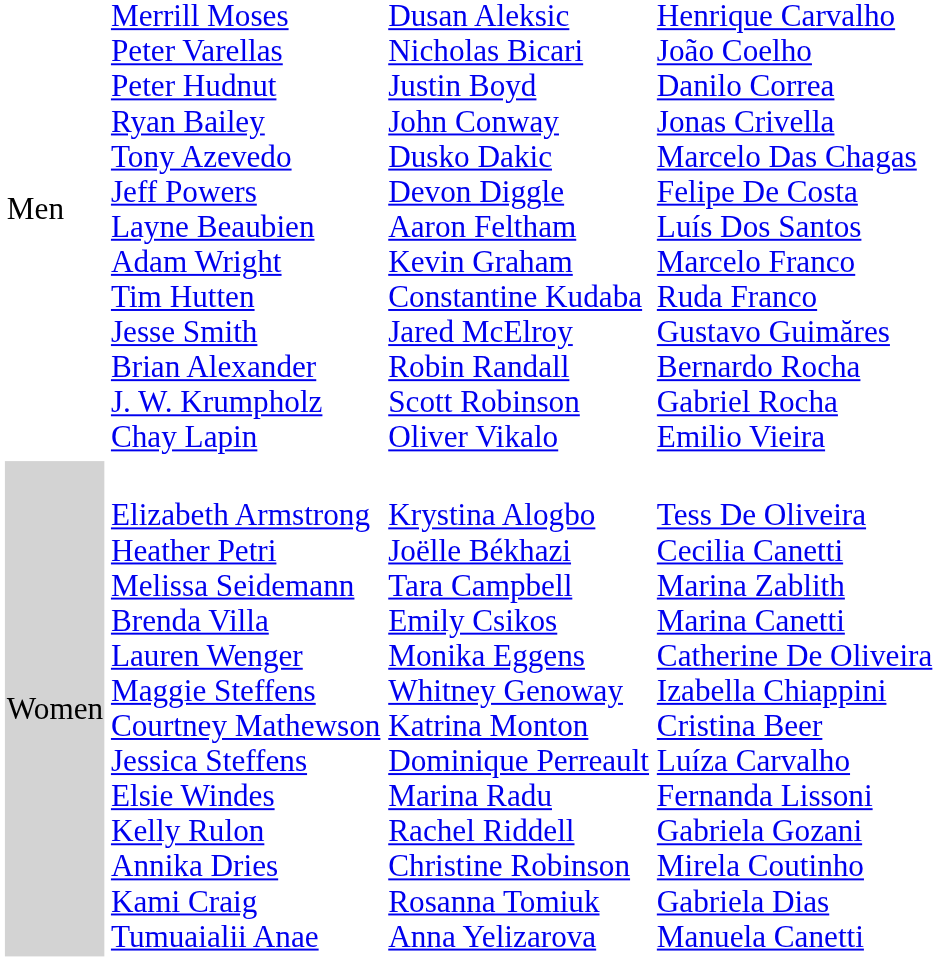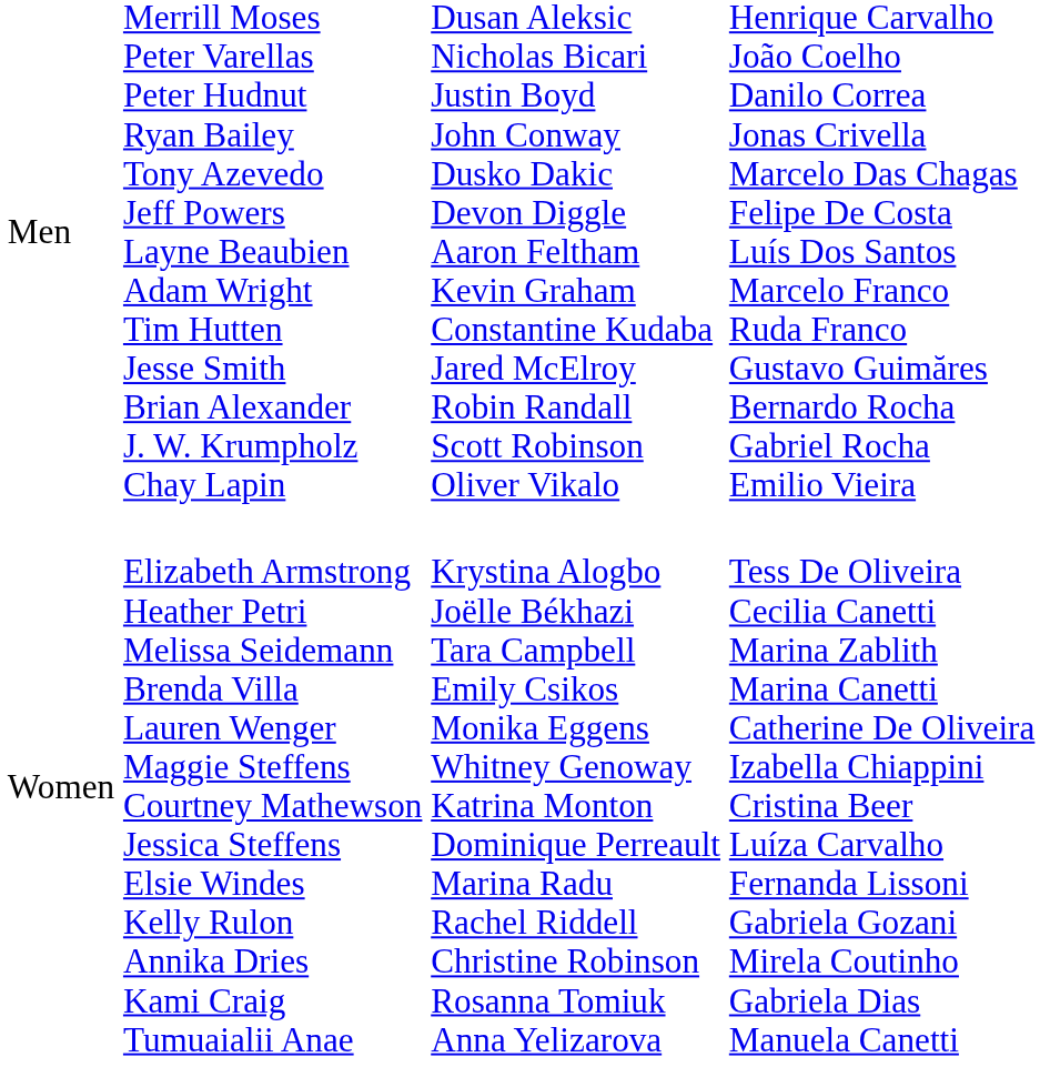 <table>
 <tr>
 <td>Men <br></td>
 <td><br><a href='#'>Merrill Moses</a><br><a href='#'>Peter Varellas</a><br><a href='#'>Peter Hudnut</a><br><a href='#'>Ryan Bailey</a><br><a href='#'>Tony Azevedo</a><br><a href='#'>Jeff Powers</a><br><a href='#'>Layne Beaubien</a><br><a href='#'>Adam Wright</a><br><a href='#'>Tim Hutten</a><br><a href='#'>Jesse Smith</a><br><a href='#'>Brian Alexander</a><br><a href='#'>J. W. Krumpholz</a><br><a href='#'>Chay Lapin</a></td>
 <td><br><a href='#'>Dusan Aleksic</a><br><a href='#'>Nicholas Bicari</a><br><a href='#'>Justin Boyd</a><br><a href='#'>John Conway</a><br><a href='#'>Dusko Dakic</a><br><a href='#'>Devon Diggle</a><br><a href='#'>Aaron Feltham</a><br><a href='#'>Kevin Graham</a><br><a href='#'>Constantine Kudaba</a><br><a href='#'>Jared McElroy</a><br><a href='#'>Robin Randall</a><br><a href='#'>Scott Robinson</a><br><a href='#'>Oliver Vikalo</a></td>
 <td><br><a href='#'>Henrique Carvalho</a><br><a href='#'>João Coelho</a><br><a href='#'>Danilo Correa</a><br><a href='#'>Jonas Crivella</a><br><a href='#'>Marcelo Das Chagas</a><br><a href='#'>Felipe De Costa</a><br><a href='#'>Luís Dos Santos</a><br><a href='#'>Marcelo Franco</a><br><a href='#'>Ruda Franco</a><br><a href='#'>Gustavo Guimăres</a><br><a href='#'>Bernardo Rocha</a><br><a href='#'>Gabriel Rocha</a><br><a href='#'>Emilio Vieira</a></td>
 </tr>
 <tr>
-<td style="background: lightgrey;">Women <br></td>
+<td>Women <br></td>
 <td><br><a href='#'>Elizabeth Armstrong</a><br><a href='#'>Heather Petri</a><br><a href='#'>Melissa Seidemann</a><br><a href='#'>Brenda Villa</a><br><a href='#'>Lauren Wenger</a><br><a href='#'>Maggie Steffens</a><br><a href='#'>Courtney Mathewson</a><br><a href='#'>Jessica Steffens</a><br><a href='#'>Elsie Windes</a><br><a href='#'>Kelly Rulon</a><br><a href='#'>Annika Dries</a><br><a href='#'>Kami Craig</a><br><a href='#'>Tumuaialii Anae</a></td>
 <td><br><a href='#'>Krystina Alogbo</a><br><a href='#'>Joëlle Békhazi</a><br><a href='#'>Tara Campbell</a><br><a href='#'>Emily Csikos</a><br><a href='#'>Monika Eggens</a><br><a href='#'>Whitney Genoway</a><br><a href='#'>Katrina Monton</a><br><a href='#'>Dominique Perreault</a><br><a href='#'>Marina Radu</a><br><a href='#'>Rachel Riddell</a><br><a href='#'>Christine Robinson</a><br><a href='#'>Rosanna Tomiuk</a><br><a href='#'>Anna Yelizarova</a></td>
 <td><br><a href='#'>Tess De Oliveira</a><br><a href='#'>Cecilia Canetti</a><br><a href='#'>Marina Zablith</a><br><a href='#'>Marina Canetti</a><br><a href='#'>Catherine De Oliveira</a><br><a href='#'>Izabella Chiappini</a><br><a href='#'>Cristina Beer</a><br><a href='#'>Luíza Carvalho</a><br><a href='#'>Fernanda Lissoni</a><br><a href='#'>Gabriela Gozani</a><br><a href='#'>Mirela Coutinho</a><br><a href='#'>Gabriela Dias</a><br><a href='#'>Manuela Canetti</a></td>
 </tr>
 </table>
